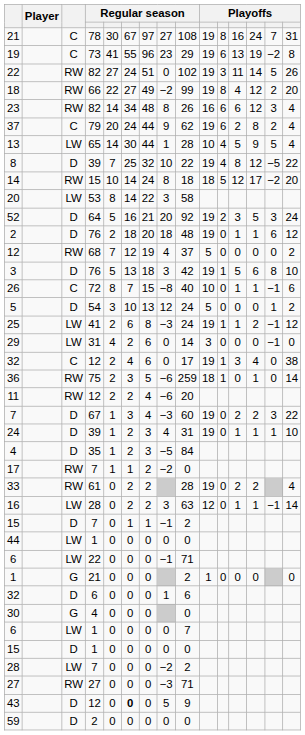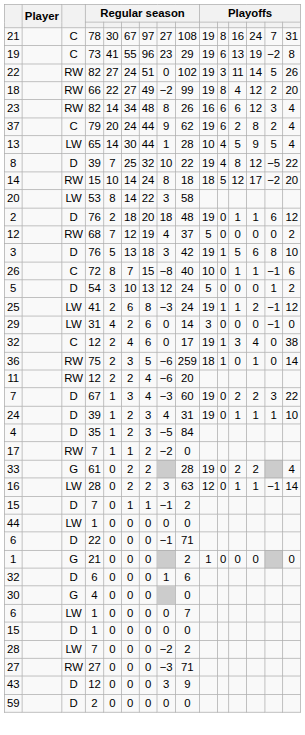 <table class="wikitable sortable plainrowheaders" style="text-align:center;">
 <tr>
 <th scope="col" data-sort-type="number" rowspan="2"></th>
 <th scope="col" rowspan="2">Player</th>
 <th scope="col" rowspan="2"></th>
 <th scope=colgroup colspan=6>Regular season</th>
 <th scope=colgroup colspan=6>Playoffs</th>
 </tr>
 <tr>
 <th scope="col" data-sort-type="number"></th>
 <th scope="col" data-sort-type="number"></th>
 <th scope="col" data-sort-type="number"></th>
 <th scope="col" data-sort-type="number"></th>
 <th scope="col" data-sort-type="number"></th>
 <th scope="col" data-sort-type="number"></th>
 <th scope="col" data-sort-type="number"></th>
 <th scope="col" data-sort-type="number"></th>
 <th scope="col" data-sort-type="number"></th>
 <th scope="col" data-sort-type="number"></th>
 <th scope="col" data-sort-type="number"></th>
 <th scope="col" data-sort-type="number"></th>
 </tr>
 <tr>
 <td scope="row">21</td>
 <td align="left"></td>
 <td>C</td>
 <td>78</td>
 <td>30</td>
 <td>67</td>
 <td>97</td>
 <td>27</td>
 <td>108</td>
 <td>19</td>
 <td>8</td>
 <td>16</td>
 <td>24</td>
 <td>7</td>
 <td>31</td>
 </tr>
 <tr>
 <td scope="row">19</td>
 <td align="left"></td>
 <td>C</td>
 <td>73</td>
 <td>41</td>
 <td>55</td>
 <td>96</td>
 <td>23</td>
 <td>29</td>
 <td>19</td>
 <td>6</td>
 <td>13</td>
 <td>19</td>
 <td>−2</td>
 <td>8</td>
 </tr>
 <tr>
 <td scope="row">22</td>
 <td align="left"></td>
 <td>RW</td>
 <td>82</td>
 <td>27</td>
 <td>24</td>
 <td>51</td>
 <td>0</td>
 <td>102</td>
 <td>19</td>
 <td>3</td>
 <td>11</td>
 <td>14</td>
 <td>5</td>
 <td>26</td>
 </tr>
 <tr>
 <td scope="row">18</td>
 <td align="left"></td>
 <td>RW</td>
 <td>66</td>
 <td>22</td>
 <td>27</td>
 <td>49</td>
 <td>−2</td>
 <td>99</td>
 <td>19</td>
 <td>8</td>
 <td>4</td>
 <td>12</td>
 <td>2</td>
 <td>20</td>
 </tr>
 <tr>
 <td scope="row">23</td>
 <td align="left"></td>
 <td>RW</td>
 <td>82</td>
 <td>14</td>
 <td>34</td>
 <td>48</td>
 <td>8</td>
 <td>26</td>
 <td>16</td>
 <td>6</td>
 <td>6</td>
 <td>12</td>
 <td>3</td>
 <td>4</td>
 </tr>
 <tr>
 <td scope="row">37</td>
 <td align="left"></td>
 <td>C</td>
 <td>79</td>
 <td>20</td>
 <td>24</td>
 <td>44</td>
 <td>9</td>
 <td>62</td>
 <td>19</td>
 <td>6</td>
 <td>2</td>
 <td>8</td>
 <td>2</td>
 <td>4</td>
 </tr>
 <tr>
 <td scope="row">13</td>
 <td align="left"></td>
 <td>LW</td>
 <td>65</td>
 <td>14</td>
 <td>30</td>
 <td>44</td>
 <td>1</td>
 <td>28</td>
 <td>10</td>
 <td>4</td>
 <td>5</td>
 <td>9</td>
 <td>5</td>
 <td>4</td>
 </tr>
 <tr>
 <td scope="row">8</td>
 <td align="left"></td>
 <td>D</td>
 <td>39</td>
 <td>7</td>
 <td>25</td>
 <td>32</td>
 <td>10</td>
 <td>22</td>
 <td>19</td>
 <td>4</td>
 <td>8</td>
 <td>12</td>
 <td>−5</td>
 <td>22</td>
 </tr>
 <tr>
 <td scope="row">14</td>
 <td align="left"></td>
 <td>RW</td>
 <td>15</td>
 <td>10</td>
 <td>14</td>
 <td>24</td>
 <td>8</td>
 <td>18</td>
 <td>18</td>
 <td>5</td>
 <td>12</td>
 <td>17</td>
 <td>−2</td>
 <td>20</td>
 </tr>
 <tr>
 <td scope="row">20</td>
 <td align="left"></td>
 <td>LW</td>
 <td>53</td>
 <td>8</td>
 <td>14</td>
 <td>22</td>
 <td>3</td>
 <td>58</td>
 <td></td>
 <td></td>
 <td></td>
 <td></td>
 <td></td>
 <td></td>
-</tr>
-<tr>
-<td scope="row">52</td>
-<td align="left"></td>
-<td>D</td>
-<td>64</td>
-<td>5</td>
-<td>16</td>
-<td>21</td>
-<td>20</td>
-<td>92</td>
-<td>19</td>
-<td>2</td>
-<td>3</td>
-<td>5</td>
-<td>3</td>
-<td>24</td>
 </tr>
 <tr>
 <td scope="row">2</td>
 <td align="left"></td>
 <td>D</td>
 <td>76</td>
 <td>2</td>
 <td>18</td>
 <td>20</td>
 <td>18</td>
 <td>48</td>
 <td>19</td>
 <td>0</td>
 <td>1</td>
 <td>1</td>
 <td>6</td>
 <td>12</td>
 </tr>
 <tr>
 <td scope="row">12</td>
 <td align="left"></td>
 <td>RW</td>
 <td>68</td>
 <td>7</td>
 <td>12</td>
 <td>19</td>
 <td>4</td>
 <td>37</td>
 <td>5</td>
 <td>0</td>
 <td>0</td>
 <td>0</td>
 <td>0</td>
 <td>2</td>
 </tr>
 <tr>
 <td scope="row">3</td>
 <td align="left"></td>
 <td>D</td>
 <td>76</td>
 <td>5</td>
 <td>13</td>
 <td>18</td>
 <td>3</td>
 <td>42</td>
 <td>19</td>
 <td>1</td>
 <td>5</td>
 <td>6</td>
 <td>8</td>
 <td>10</td>
 </tr>
 <tr>
 <td scope="row">26</td>
 <td align="left"></td>
 <td>C</td>
 <td>72</td>
 <td>8</td>
 <td>7</td>
 <td>15</td>
 <td>−8</td>
 <td>40</td>
 <td>10</td>
 <td>0</td>
 <td>1</td>
 <td>1</td>
 <td>−1</td>
 <td>6</td>
 </tr>
 <tr>
 <td scope="row">5</td>
 <td align="left"></td>
 <td>D</td>
 <td>54</td>
 <td>3</td>
 <td>10</td>
 <td>13</td>
 <td>12</td>
 <td>24</td>
 <td>5</td>
 <td>0</td>
 <td>0</td>
 <td>0</td>
 <td>1</td>
 <td>2</td>
 </tr>
 <tr>
 <td scope="row">25</td>
 <td align="left"></td>
 <td>LW</td>
 <td>41</td>
 <td>2</td>
 <td>6</td>
 <td>8</td>
 <td>−3</td>
 <td>24</td>
 <td>19</td>
 <td>1</td>
 <td>1</td>
 <td>2</td>
 <td>−1</td>
 <td>12</td>
 </tr>
 <tr>
 <td scope="row">29</td>
 <td align="left"></td>
 <td>LW</td>
 <td>31</td>
 <td>4</td>
 <td>2</td>
 <td>6</td>
 <td>0</td>
 <td>14</td>
 <td>3</td>
 <td>0</td>
 <td>0</td>
 <td>0</td>
 <td>−1</td>
 <td>0</td>
 </tr>
 <tr>
 <td scope="row">32</td>
 <td align="left"></td>
 <td>C</td>
 <td>12</td>
 <td>2</td>
 <td>4</td>
 <td>6</td>
 <td>0</td>
 <td>17</td>
 <td>19</td>
 <td>1</td>
 <td>3</td>
 <td>4</td>
 <td>0</td>
 <td>38</td>
 </tr>
 <tr>
 <td scope="row">36</td>
 <td align="left"></td>
 <td>RW</td>
 <td>75</td>
 <td>2</td>
 <td>3</td>
 <td>5</td>
 <td>−6</td>
 <td>259</td>
 <td>18</td>
 <td>1</td>
 <td>0</td>
 <td>1</td>
 <td>0</td>
 <td>14</td>
 </tr>
 <tr>
 <td scope="row">11</td>
 <td align="left"></td>
 <td>RW</td>
 <td>12</td>
 <td>2</td>
 <td>2</td>
 <td>4</td>
 <td>−6</td>
 <td>20</td>
 <td></td>
 <td></td>
 <td></td>
 <td></td>
 <td></td>
 <td></td>
 </tr>
 <tr>
 <td scope="row">7</td>
 <td align="left"></td>
 <td>D</td>
 <td>67</td>
 <td>1</td>
 <td>3</td>
 <td>4</td>
 <td>−3</td>
 <td>60</td>
 <td>19</td>
 <td>0</td>
 <td>2</td>
 <td>2</td>
 <td>3</td>
 <td>22</td>
 </tr>
 <tr>
 <td scope="row">24</td>
 <td align="left"></td>
 <td>D</td>
 <td>39</td>
 <td>1</td>
 <td>2</td>
 <td>3</td>
 <td>4</td>
 <td>31</td>
 <td>19</td>
 <td>0</td>
 <td>1</td>
 <td>1</td>
 <td>1</td>
 <td>10</td>
 </tr>
 <tr>
 <td scope="row">4</td>
 <td align="left"></td>
 <td>D</td>
 <td>35</td>
 <td>1</td>
 <td>2</td>
 <td>3</td>
 <td>−5</td>
 <td>84</td>
 <td></td>
 <td></td>
 <td></td>
 <td></td>
 <td></td>
 <td></td>
 </tr>
 <tr>
 <td scope="row">17</td>
 <td align="left"></td>
 <td>RW</td>
 <td>7</td>
 <td>1</td>
 <td>1</td>
 <td>2</td>
 <td>−2</td>
 <td>0</td>
 <td></td>
 <td></td>
 <td></td>
 <td></td>
 <td></td>
 <td></td>
 </tr>
 <tr>
 <td scope="row">33</td>
 <td align="left"></td>
-<td>RW</td>
+<td>G</td>
 <td>61</td>
 <td>0</td>
 <td>2</td>
 <td>2</td>
 <td style="background:#ccc"></td>
 <td>28</td>
 <td>19</td>
 <td>0</td>
 <td>2</td>
 <td>2</td>
 <td style="background:#ccc"></td>
 <td>4</td>
 </tr>
 <tr>
 <td scope="row">16</td>
 <td align="left"></td>
 <td>LW</td>
 <td>28</td>
 <td>0</td>
 <td>2</td>
 <td>2</td>
 <td>3</td>
 <td>63</td>
 <td>12</td>
 <td>0</td>
 <td>1</td>
 <td>1</td>
 <td>−1</td>
 <td>14</td>
 </tr>
 <tr>
 <td scope="row">15</td>
 <td align="left"></td>
 <td>D</td>
 <td>7</td>
 <td>0</td>
 <td>1</td>
 <td>1</td>
 <td>−1</td>
 <td>2</td>
 <td></td>
 <td></td>
 <td></td>
 <td></td>
 <td></td>
 <td></td>
 </tr>
 <tr>
 <td scope="row">44</td>
 <td align="left"></td>
 <td>LW</td>
 <td>1</td>
 <td>0</td>
 <td>0</td>
 <td>0</td>
 <td>0</td>
 <td>0</td>
 <td></td>
 <td></td>
 <td></td>
 <td></td>
 <td></td>
 <td></td>
 </tr>
 <tr>
 <td scope="row">6</td>
 <td align="left"></td>
-<td>LW</td>
+<td>D</td>
 <td>22</td>
 <td>0</td>
 <td>0</td>
 <td>0</td>
 <td>−1</td>
 <td>71</td>
 <td></td>
 <td></td>
 <td></td>
 <td></td>
 <td></td>
 <td></td>
 </tr>
 <tr>
 <td scope="row">1</td>
 <td align="left"></td>
 <td>G</td>
 <td>21</td>
 <td>0</td>
 <td>0</td>
 <td>0</td>
 <td style="background:#ccc"></td>
 <td>2</td>
 <td>1</td>
 <td>0</td>
 <td>0</td>
 <td>0</td>
 <td style="background:#ccc"></td>
 <td>0</td>
 </tr>
 <tr>
 <td scope="row">32</td>
 <td align="left"></td>
 <td>D</td>
 <td>6</td>
 <td>0</td>
 <td>0</td>
 <td>0</td>
 <td>1</td>
 <td>6</td>
 <td></td>
 <td></td>
 <td></td>
 <td></td>
 <td></td>
 <td></td>
 </tr>
 <tr>
 <td scope="row">30</td>
 <td align="left"></td>
 <td>G</td>
 <td>4</td>
 <td>0</td>
 <td>0</td>
 <td>0</td>
 <td style="background:#ccc"></td>
 <td>0</td>
 <td></td>
 <td></td>
 <td></td>
 <td></td>
 <td></td>
 <td></td>
 </tr>
 <tr>
 <td scope="row">6</td>
 <td align="left"></td>
 <td>LW</td>
 <td>1</td>
 <td>0</td>
 <td>0</td>
 <td>0</td>
 <td>0</td>
 <td>7</td>
 <td></td>
 <td></td>
 <td></td>
 <td></td>
 <td></td>
 <td></td>
 </tr>
 <tr>
 <td scope="row">15</td>
 <td align="left"></td>
 <td>D</td>
 <td>1</td>
 <td>0</td>
 <td>0</td>
 <td>0</td>
 <td>0</td>
 <td>0</td>
 <td></td>
 <td></td>
 <td></td>
 <td></td>
 <td></td>
 <td></td>
 </tr>
 <tr>
 <td scope="row">28</td>
 <td align="left"></td>
 <td>LW</td>
 <td>7</td>
 <td>0</td>
 <td>0</td>
 <td>0</td>
 <td>−2</td>
 <td>2</td>
 <td></td>
 <td></td>
 <td></td>
 <td></td>
 <td></td>
 <td></td>
 </tr>
 <tr>
 <td scope="row">27</td>
 <td align="left"></td>
 <td>RW</td>
 <td>27</td>
 <td>0</td>
 <td>0</td>
 <td>0</td>
 <td>−3</td>
 <td>71</td>
 <td></td>
 <td></td>
 <td></td>
 <td></td>
 <td></td>
 <td></td>
 </tr>
 <tr>
 <td scope="row">43</td>
 <td align="left"></td>
 <td>D</td>
 <td>12</td>
 <td>0</td>
-<td><strong>0</strong></td>
 <td>0</td>
-<td>5</td>
+<td>0</td>
+<td>3</td>
 <td>9</td>
 <td></td>
 <td></td>
 <td></td>
 <td></td>
 <td></td>
 <td></td>
 </tr>
 <tr>
 <td scope="row">59</td>
 <td align="left"></td>
 <td>D</td>
 <td>2</td>
 <td>0</td>
 <td>0</td>
 <td>0</td>
 <td>0</td>
 <td>0</td>
 <td></td>
 <td></td>
 <td></td>
 <td></td>
 <td></td>
 <td></td>
 </tr>
 </table>
